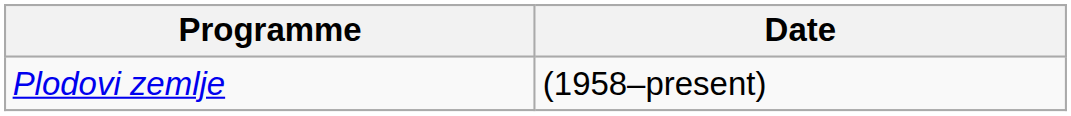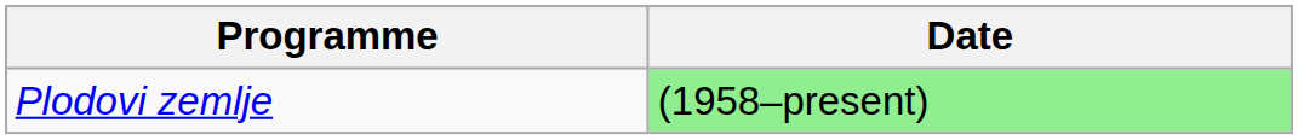 <table class="wikitable">
 <tr>
 <th width=250>Programme</th>
 <th width=250>Date</th>
 </tr>
 <tr>
 <td><em><a href='#'>Plodovi zemlje</a></em></td>
-<td>(1958–present)</td>
+<td style="background: lightgreen;">(1958–present)</td>
 </tr>
 </table>
